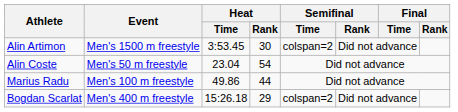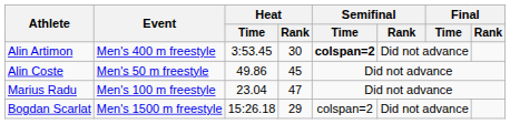 <table class=wikitable style="font-size:90%">
 <tr>
 <th rowspan="2">Athlete</th>
 <th rowspan="2">Event</th>
 <th colspan="2">Heat</th>
 <th colspan="2">Semifinal</th>
 <th colspan="2">Final</th>
 </tr>
 <tr style="font-size:95%">
 <th>Time</th>
 <th>Rank</th>
 <th>Time</th>
 <th>Rank</th>
 <th>Time</th>
 <th>Rank</th>
 </tr>
 <tr align=center>
 <td align=left><a href='#'>Alin Artimon</a></td>
-<td align=left><a href='#'>Men's 1500 m freestyle</a></td>
+<td align=left><a href='#'>Men's 400 m freestyle</a></td>
 <td>3:53.45</td>
 <td>30</td>
-<td>colspan=2 </td>
+<td><strong>colspan=2 </strong></td>
 <td colspan=2>Did not advance</td>
 </tr>
 <tr align=center>
 <td align=left><a href='#'>Alin Coste</a></td>
 <td align=left><a href='#'>Men's 50 m freestyle</a></td>
-<td>23.04</td>
-<td>54</td>
+<td>49.86</td>
+<td>45</td>
 <td colspan=4>Did not advance</td>
 </tr>
 <tr align=center>
 <td align=left><a href='#'>Marius Radu</a></td>
 <td align=left><a href='#'>Men's 100 m freestyle</a></td>
-<td>49.86</td>
-<td>44</td>
+<td>23.04</td>
+<td>47</td>
 <td colspan=4>Did not advance</td>
 </tr>
 <tr align=center>
 <td align=left><a href='#'>Bogdan Scarlat</a></td>
-<td align=left><a href='#'>Men's 400 m freestyle</a></td>
+<td align=left><a href='#'>Men's 1500 m freestyle</a></td>
 <td>15:26.18</td>
 <td>29</td>
 <td>colspan=2 </td>
 <td colspan=2>Did not advance</td>
 </tr>
 </table>
